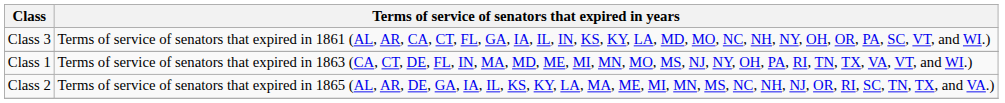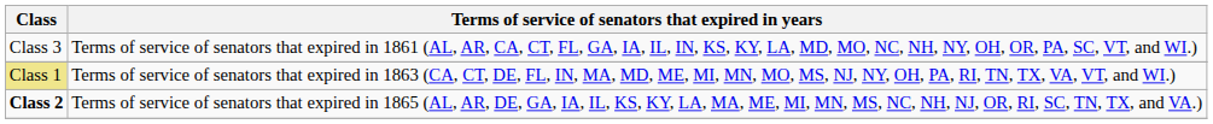 <table class="wikitable sortable">
 <tr valign=bottom>
 <th>Class</th>
 <th>Terms of service of senators that expired in years</th>
 </tr>
 <tr>
 <td>Class 3</td>
 <td>Terms of service of senators that expired in 1861 (<a href='#'>AL</a>, <a href='#'>AR</a>, <a href='#'>CA</a>, <a href='#'>CT</a>, <a href='#'>FL</a>, <a href='#'>GA</a>, <a href='#'>IA</a>, <a href='#'>IL</a>, <a href='#'>IN</a>, <a href='#'>KS</a>, <a href='#'>KY</a>, <a href='#'>LA</a>, <a href='#'>MD</a>, <a href='#'>MO</a>, <a href='#'>NC</a>, <a href='#'>NH</a>, <a href='#'>NY</a>, <a href='#'>OH</a>, <a href='#'>OR</a>, <a href='#'>PA</a>, <a href='#'>SC</a>, <a href='#'>VT</a>, and <a href='#'>WI</a>.)</td>
 </tr>
 <tr>
 </tr>
 <tr>
-<td>Class 1</td>
+<td style="background: khaki;">Class 1</td>
 <td>Terms of service of senators that expired in 1863 (<a href='#'>CA</a>, <a href='#'>CT</a>, <a href='#'>DE</a>, <a href='#'>FL</a>, <a href='#'>IN</a>, <a href='#'>MA</a>, <a href='#'>MD</a>, <a href='#'>ME</a>,  <a href='#'>MI</a>, <a href='#'>MN</a>, <a href='#'>MO</a>, <a href='#'>MS</a>, <a href='#'>NJ</a>, <a href='#'>NY</a>, <a href='#'>OH</a>, <a href='#'>PA</a>, <a href='#'>RI</a>, <a href='#'>TN</a>, <a href='#'>TX</a>, <a href='#'>VA</a>, <a href='#'>VT</a>, and <a href='#'>WI</a>.)</td>
 </tr>
 <tr>
-<td>Class 2</td>
+<td><strong>Class 2</strong></td>
 <td>Terms of service of senators that expired in 1865 (<a href='#'>AL</a>, <a href='#'>AR</a>, <a href='#'>DE</a>, <a href='#'>GA</a>, <a href='#'>IA</a>, <a href='#'>IL</a>, <a href='#'>KS</a>, <a href='#'>KY</a>, <a href='#'>LA</a>, <a href='#'>MA</a>, <a href='#'>ME</a>, <a href='#'>MI</a>, <a href='#'>MN</a>, <a href='#'>MS</a>, <a href='#'>NC</a>, <a href='#'>NH</a>, <a href='#'>NJ</a>, <a href='#'>OR</a>, <a href='#'>RI</a>, <a href='#'>SC</a>, <a href='#'>TN</a>, <a href='#'>TX</a>, and <a href='#'>VA</a>.)</td>
 </tr>
 <tr>
 </tr>
 </table>
